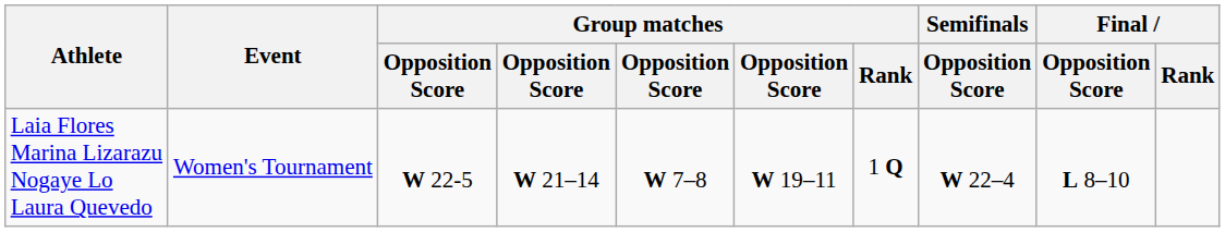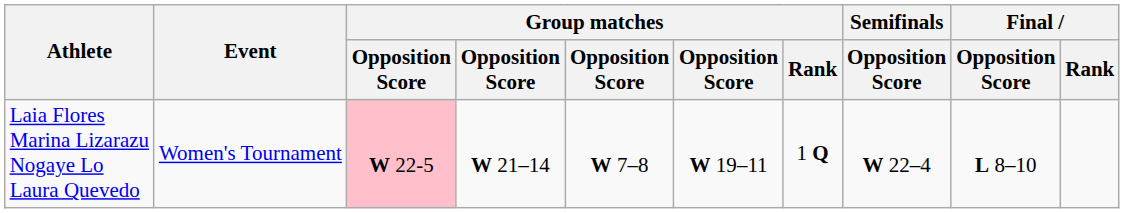 <table class=wikitable style="font-size:90%">
 <tr>
 <th rowspan="2">Athlete</th>
 <th rowspan="2">Event</th>
 <th colspan="5">Group matches</th>
 <th>Semifinals</th>
 <th colspan=2>Final / </th>
 </tr>
 <tr>
 <th>Opposition<br>Score</th>
 <th>Opposition<br>Score</th>
 <th>Opposition<br>Score</th>
 <th>Opposition<br>Score</th>
 <th>Rank</th>
 <th>Opposition<br>Score</th>
 <th>Opposition<br>Score</th>
 <th>Rank</th>
 </tr>
 <tr align=center>
 <td align=left><a href='#'>Laia Flores</a><br><a href='#'>Marina Lizarazu</a><br><a href='#'>Nogaye Lo</a><br><a href='#'>Laura Quevedo</a></td>
 <td align=left><a href='#'>Women's Tournament</a></td>
-<td><br><strong>W</strong> 22-5</td>
+<td style="background: pink;"><br><strong>W</strong> 22-5</td>
 <td><br><strong>W</strong> 21–14</td>
 <td><br><strong>W</strong> 7–8</td>
 <td><br><strong>W</strong> 19–11</td>
 <td>1 <strong>Q</strong></td>
 <td><br><strong>W</strong> 22–4</td>
 <td><br><strong>L</strong> 8–10</td>
 <td></td>
 </tr>
 </table>
